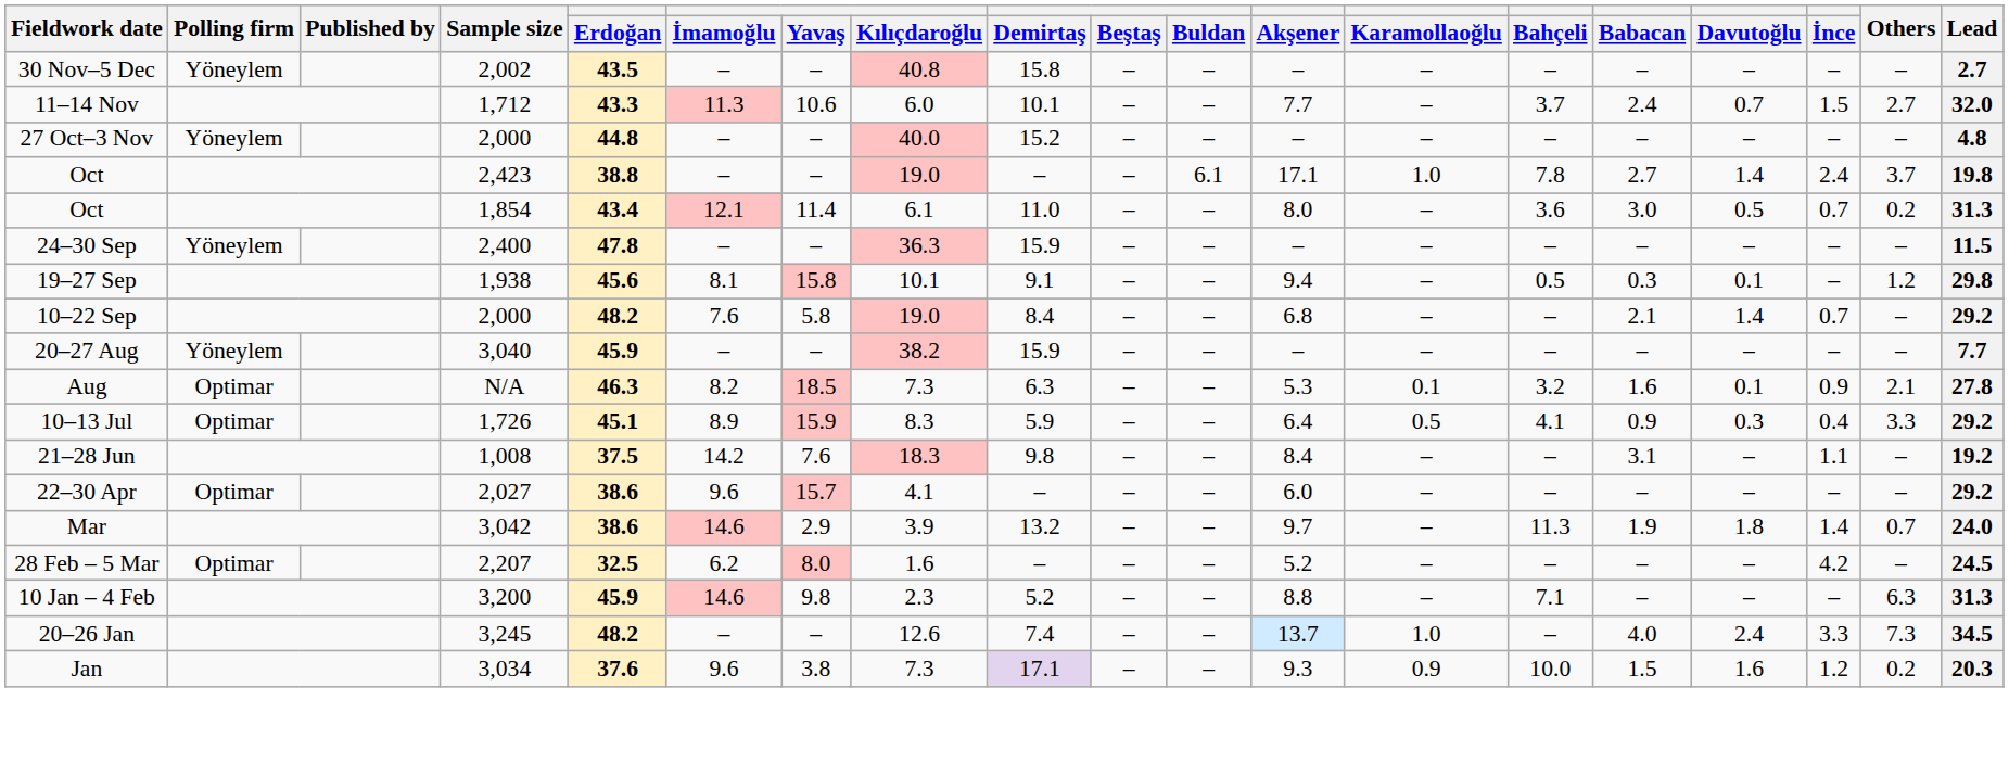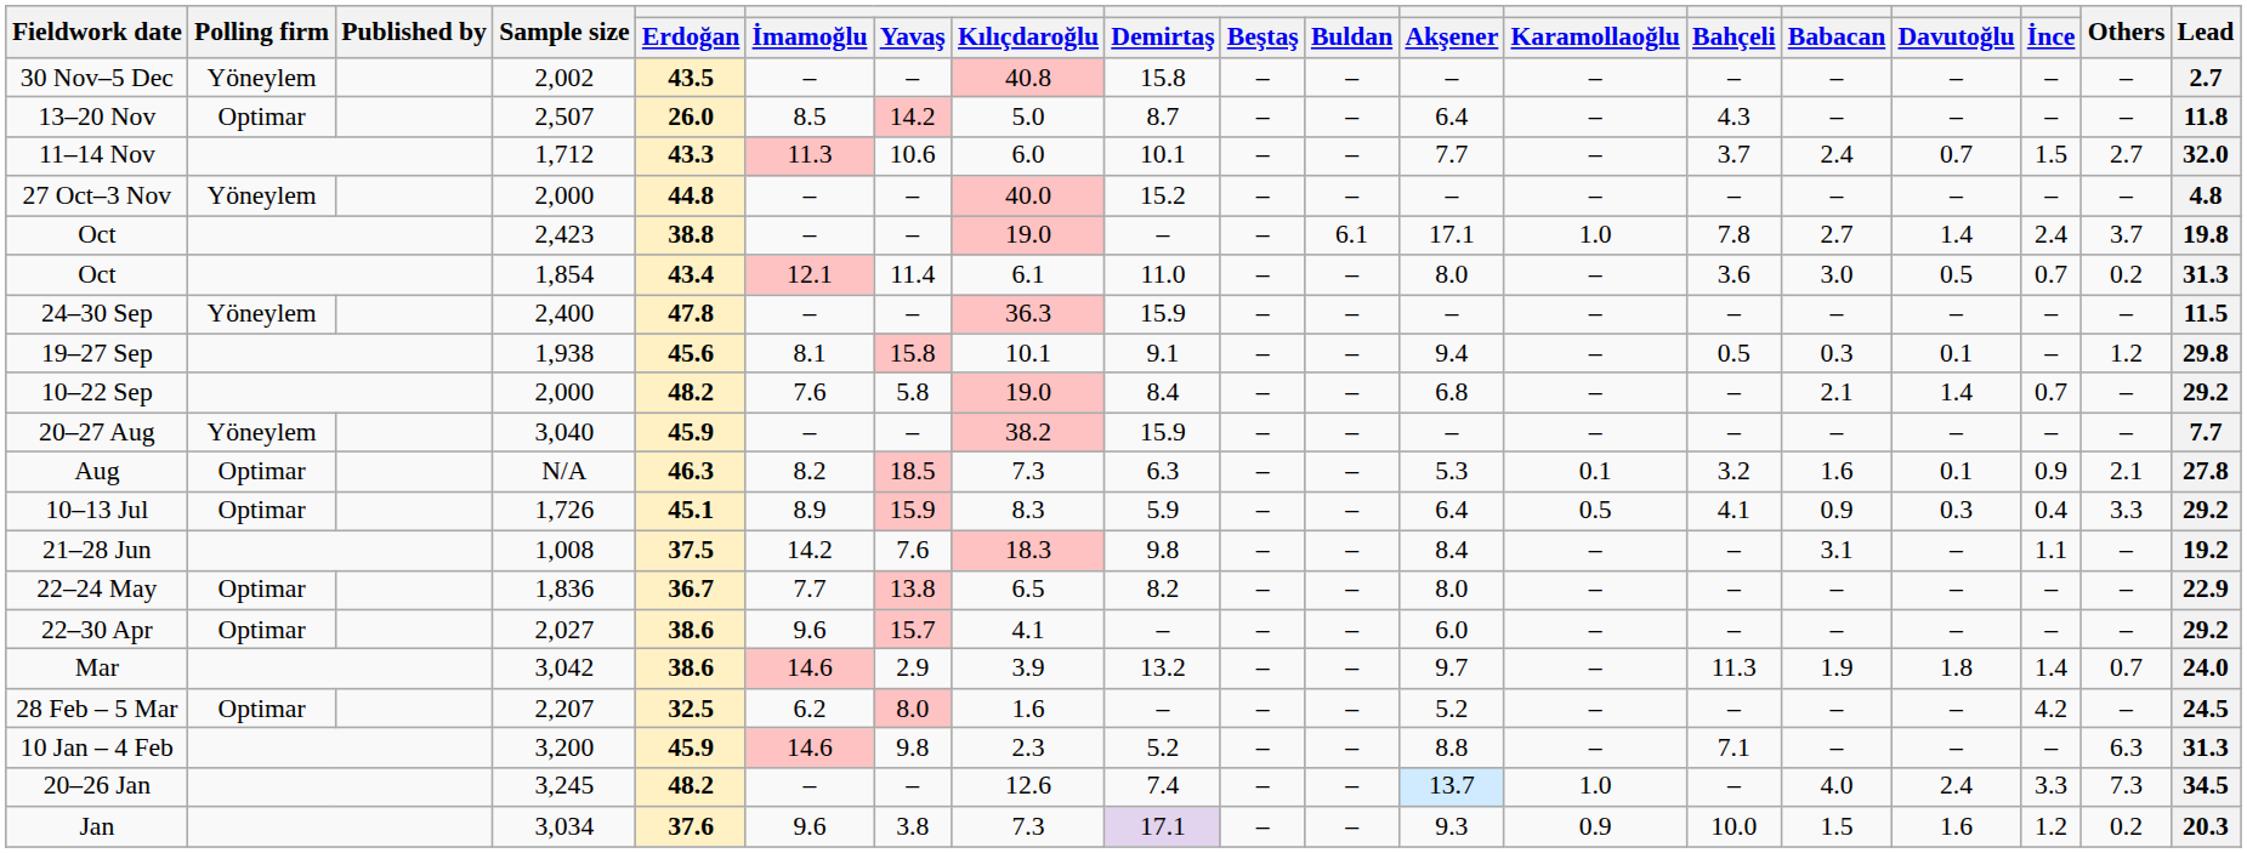 <table class="wikitable mw-datatable mw-collapsible mw-collapsed" style="text-align:center; font-size:85%; line-height:14px;">
 <tr>
 <th rowspan="2">Fieldwork date</th>
 <th rowspan="2">Polling firm</th>
 <th rowspan="2">Published by</th>
 <th rowspan="2">Sample size</th>
 <th style="background:"></th>
 <th colspan="3" style="background:"></th>
 <th colspan="3" style="background:"></th>
 <th style="background:"></th>
 <th style="background:"></th>
 <th style="background:"></th>
 <th style="background:"></th>
 <th style="background:"></th>
 <th style="background:"></th>
 <th rowspan="2">Others</th>
 <th rowspan="2">Lead</th>
 </tr>
 <tr>
 <th><a href='#'>Erdoğan</a><br></th>
 <th><a href='#'>İmamoğlu</a><br></th>
 <th><a href='#'>Yavaş</a><br></th>
 <th><a href='#'>Kılıçdaroğlu</a><br></th>
 <th><a href='#'>Demirtaş</a><br></th>
 <th><a href='#'>Beştaş</a><br></th>
 <th><a href='#'>Buldan</a><br></th>
 <th><a href='#'>Akşener</a><br></th>
 <th><a href='#'>Karamollaoğlu</a><br></th>
 <th><a href='#'>Bahçeli</a><br></th>
 <th><a href='#'>Babacan</a><br></th>
 <th><a href='#'>Davutoğlu</a><br></th>
 <th><a href='#'>İnce</a><br></th>
 </tr>
 <tr>
 <td>30 Nov–5 Dec</td>
 <td>Yöneylem</td>
 <td></td>
 <td>2,002</td>
 <td style="background:#FFF1C4"><strong>43.5</strong></td>
 <td>–</td>
 <td>–</td>
 <td style="background:#FFC2C2">40.8</td>
 <td>15.8</td>
 <td>–</td>
 <td>–</td>
 <td>–</td>
 <td>–</td>
 <td>–</td>
 <td>–</td>
 <td>–</td>
 <td>–</td>
 <td>–</td>
 <th style="background:">2.7</th>
+</tr>
+<tr>
+<td>13–20 Nov</td>
+<td>Optimar</td>
+<td></td>
+<td>2,507</td>
+<td style="background:#FFF1C4"><strong>26.0</strong></td>
+<td>8.5</td>
+<td style="background:#FFC2C2">14.2</td>
+<td>5.0</td>
+<td>8.7</td>
+<td>–</td>
+<td>–</td>
+<td>6.4</td>
+<td>–</td>
+<td>4.3</td>
+<td>–</td>
+<td>–</td>
+<td>–</td>
+<td>–</td>
+<th style="background:">11.8</th>
 </tr>
 <tr>
 <td>11–14 Nov</td>
 <td colspan="2"></td>
 <td>1,712</td>
 <td style="background:#FFF1C4"><strong>43.3</strong></td>
 <td style="background:#FFC2C2">11.3</td>
 <td>10.6</td>
 <td>6.0</td>
 <td>10.1</td>
 <td>–</td>
 <td>–</td>
 <td>7.7</td>
 <td>–</td>
 <td>3.7</td>
 <td>2.4</td>
 <td>0.7</td>
 <td>1.5</td>
 <td>2.7</td>
 <th style="background:">32.0</th>
 </tr>
 <tr>
 <td>27 Oct–3 Nov</td>
 <td>Yöneylem</td>
 <td></td>
 <td>2,000</td>
 <td style="background:#FFF1C4"><strong>44.8</strong></td>
 <td>–</td>
 <td>–</td>
 <td style="background:#FFC2C2">40.0</td>
 <td>15.2</td>
 <td>–</td>
 <td>–</td>
 <td>–</td>
 <td>–</td>
 <td>–</td>
 <td>–</td>
 <td>–</td>
 <td>–</td>
 <td>–</td>
 <th style="background:">4.8</th>
 </tr>
 <tr>
 <td>Oct</td>
 <td colspan="2"></td>
 <td>2,423</td>
 <td style="background:#FFF1C4"><strong>38.8</strong></td>
 <td>–</td>
 <td>–</td>
 <td style="background:#FFC2C2">19.0</td>
 <td>–</td>
 <td>–</td>
 <td>6.1</td>
 <td>17.1</td>
 <td>1.0</td>
 <td>7.8</td>
 <td>2.7</td>
 <td>1.4</td>
 <td>2.4</td>
 <td>3.7</td>
 <th style="background:">19.8</th>
 </tr>
 <tr>
 <td>Oct</td>
 <td colspan="2"></td>
 <td>1,854</td>
 <td style="background:#FFF1C4"><strong>43.4</strong></td>
 <td style="background:#FFC2C2">12.1</td>
 <td>11.4</td>
 <td>6.1</td>
 <td>11.0</td>
 <td>–</td>
 <td>–</td>
 <td>8.0</td>
 <td>–</td>
 <td>3.6</td>
 <td>3.0</td>
 <td>0.5</td>
 <td>0.7</td>
 <td>0.2</td>
 <th style="background:">31.3</th>
 </tr>
 <tr>
 <td>24–30 Sep</td>
 <td>Yöneylem</td>
 <td></td>
 <td>2,400</td>
 <td style="background:#FFF1C4"><strong>47.8</strong></td>
 <td>–</td>
 <td>–</td>
 <td style="background:#FFC2C2">36.3</td>
 <td>15.9</td>
 <td>–</td>
 <td>–</td>
 <td>–</td>
 <td>–</td>
 <td>–</td>
 <td>–</td>
 <td>–</td>
 <td>–</td>
 <td>–</td>
 <th style="background:">11.5</th>
 </tr>
 <tr>
 <td>19–27 Sep</td>
 <td colspan="2"></td>
 <td>1,938</td>
 <td style="background:#FFF1C4"><strong>45.6</strong></td>
 <td>8.1</td>
 <td style="background:#FFC2C2">15.8</td>
 <td>10.1</td>
 <td>9.1</td>
 <td>–</td>
 <td>–</td>
 <td>9.4</td>
 <td>–</td>
 <td>0.5</td>
 <td>0.3</td>
 <td>0.1</td>
 <td>–</td>
 <td>1.2</td>
 <th style="background:">29.8</th>
 </tr>
 <tr>
 <td>10–22 Sep</td>
 <td colspan="2"></td>
 <td>2,000</td>
 <td style="background:#FFF1C4"><strong>48.2</strong></td>
 <td>7.6</td>
 <td>5.8</td>
 <td style="background:#FFC2C2">19.0</td>
 <td>8.4</td>
 <td>–</td>
 <td>–</td>
 <td>6.8</td>
 <td>–</td>
 <td>–</td>
 <td>2.1</td>
 <td>1.4</td>
 <td>0.7</td>
 <td>–</td>
 <th style="background:">29.2</th>
 </tr>
 <tr>
 <td>20–27 Aug</td>
 <td>Yöneylem</td>
 <td></td>
 <td>3,040</td>
 <td style="background:#FFF1C4"><strong>45.9</strong></td>
 <td>–</td>
 <td>–</td>
 <td style="background:#FFC2C2">38.2</td>
 <td>15.9</td>
 <td>–</td>
 <td>–</td>
 <td>–</td>
 <td>–</td>
 <td>–</td>
 <td>–</td>
 <td>–</td>
 <td>–</td>
 <td>–</td>
 <th style="background:">7.7</th>
 </tr>
 <tr>
 <td>Aug</td>
 <td>Optimar</td>
 <td></td>
 <td>N/A</td>
 <td style="background:#FFF1C4"><strong>46.3</strong></td>
 <td>8.2</td>
 <td style="background:#FFC2C2">18.5</td>
 <td>7.3</td>
 <td>6.3</td>
 <td>–</td>
 <td>–</td>
 <td>5.3</td>
 <td>0.1</td>
 <td>3.2</td>
 <td>1.6</td>
 <td>0.1</td>
 <td>0.9</td>
 <td>2.1</td>
 <th style="background:">27.8</th>
 </tr>
 <tr>
 <td>10–13 Jul</td>
 <td>Optimar</td>
 <td></td>
 <td>1,726</td>
 <td style="background:#FFF1C4"><strong>45.1</strong></td>
 <td>8.9</td>
 <td style="background:#FFC2C2">15.9</td>
 <td>8.3</td>
 <td>5.9</td>
 <td>–</td>
 <td>–</td>
 <td>6.4</td>
 <td>0.5</td>
 <td>4.1</td>
 <td>0.9</td>
 <td>0.3</td>
 <td>0.4</td>
 <td>3.3</td>
 <th style="background:">29.2</th>
 </tr>
 <tr>
 <td>21–28 Jun</td>
 <td colspan="2"></td>
 <td>1,008</td>
 <td style="background:#FFF1C4"><strong>37.5</strong></td>
 <td>14.2</td>
 <td>7.6</td>
 <td style="background:#FFC2C2">18.3</td>
 <td>9.8</td>
 <td>–</td>
 <td>–</td>
 <td>8.4</td>
 <td>–</td>
 <td>–</td>
 <td>3.1</td>
 <td>–</td>
 <td>1.1</td>
 <td>–</td>
 <th style="background:">19.2</th>
 </tr>
 <tr>
+<td>22–24 May</td>
+<td>Optimar</td>
+<td></td>
+<td>1,836</td>
+<td style="background:#FFF1C4"><strong>36.7</strong></td>
+<td>7.7</td>
+<td style="background:#FFC2C2">13.8</td>
+<td>6.5</td>
+<td>8.2</td>
+<td>–</td>
+<td>–</td>
+<td>8.0</td>
+<td>–</td>
+<td>–</td>
+<td>–</td>
+<td>–</td>
+<td>–</td>
+<td>–</td>
+<th style="background:">22.9</th>
+</tr>
+<tr>
 <td>22–30 Apr</td>
 <td>Optimar</td>
 <td></td>
 <td>2,027</td>
 <td style="background:#FFF1C4"><strong>38.6</strong></td>
 <td>9.6</td>
 <td style="background:#FFC2C2">15.7</td>
 <td>4.1</td>
 <td>–</td>
 <td>–</td>
 <td>–</td>
 <td>6.0</td>
 <td>–</td>
 <td>–</td>
 <td>–</td>
 <td>–</td>
 <td>–</td>
 <td>–</td>
 <th style="background:">29.2</th>
 </tr>
 <tr>
 <td>Mar</td>
 <td colspan="2"></td>
 <td>3,042</td>
 <td style="background:#FFF1C4"><strong>38.6</strong></td>
 <td style="background:#FFC2C2">14.6</td>
 <td>2.9</td>
 <td>3.9</td>
 <td>13.2</td>
 <td>–</td>
 <td>–</td>
 <td>9.7</td>
 <td>–</td>
 <td>11.3</td>
 <td>1.9</td>
 <td>1.8</td>
 <td>1.4</td>
 <td>0.7</td>
 <th style="background:">24.0</th>
 </tr>
 <tr>
 <td>28 Feb – 5 Mar</td>
 <td>Optimar</td>
 <td></td>
 <td>2,207</td>
 <td style="background:#FFF1C4"><strong>32.5</strong></td>
 <td>6.2</td>
 <td style="background:#FFC2C2">8.0</td>
 <td>1.6</td>
 <td>–</td>
 <td>–</td>
 <td>–</td>
 <td>5.2</td>
 <td>–</td>
 <td>–</td>
 <td>–</td>
 <td>–</td>
 <td>4.2</td>
 <td>–</td>
 <th style="background:">24.5</th>
 </tr>
 <tr>
 <td>10 Jan – 4 Feb</td>
 <td colspan="2"></td>
 <td>3,200</td>
 <td style="background:#FFF1C4"><strong>45.9</strong></td>
 <td style="background:#FFC2C2">14.6</td>
 <td>9.8</td>
 <td>2.3</td>
 <td>5.2</td>
 <td>–</td>
 <td>–</td>
 <td>8.8</td>
 <td>–</td>
 <td>7.1</td>
 <td>–</td>
 <td>–</td>
 <td>–</td>
 <td>6.3</td>
 <th style="background:">31.3</th>
 </tr>
 <tr>
 <td>20–26 Jan</td>
 <td colspan="2"></td>
 <td>3,245</td>
 <td style="background:#FFF1C4"><strong>48.2</strong></td>
 <td>–</td>
 <td>–</td>
 <td>12.6</td>
 <td>7.4</td>
 <td>–</td>
 <td>–</td>
 <td style="background:#D0EBFF">13.7</td>
 <td>1.0</td>
 <td>–</td>
 <td>4.0</td>
 <td>2.4</td>
 <td>3.3</td>
 <td>7.3</td>
 <th style="background:">34.5</th>
 </tr>
 <tr>
 <td>Jan</td>
 <td colspan="2"></td>
 <td>3,034</td>
 <td style="background:#FFF1C4"><strong>37.6</strong></td>
 <td>9.6</td>
 <td>3.8</td>
 <td>7.3</td>
 <td style="background:#E2D3EE">17.1</td>
 <td>–</td>
 <td>–</td>
 <td>9.3</td>
 <td>0.9</td>
 <td>10.0</td>
 <td>1.5</td>
 <td>1.6</td>
 <td>1.2</td>
 <td>0.2</td>
 <th style="background:">20.3</th>
 </tr>
 </table>
